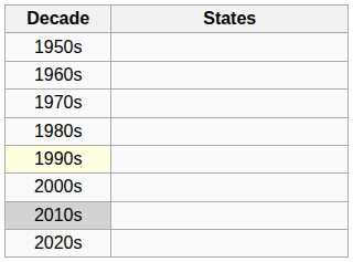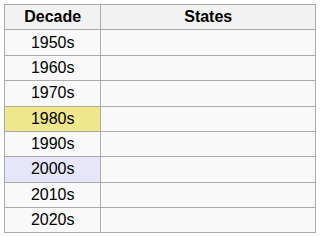 <table class="wikitable" style="width:50%" style="font-size: 95%;">
 <tr>
 <th style="width:8em;">Decade</th>
 <th style="width:25em;">States</th>
 </tr>
 <tr>
 <td style="text-align:center;">1950s</td>
 <td></td>
 </tr>
 <tr>
 <td style="text-align:center;">1960s</td>
 <td></td>
 </tr>
 <tr>
 <td style="text-align:center;">1970s</td>
 <td></td>
 </tr>
 <tr>
-<td style="text-align:center;">1980s</td>
+<td style="background: khaki; text-align:center;">1980s</td>
 <td></td>
 </tr>
 <tr>
-<td style="background: lightyellow; text-align:center;">1990s</td>
+<td style="text-align:center;">1990s</td>
 <td></td>
 </tr>
 <tr>
-<td style="text-align:center;">2000s</td>
+<td style="background: lavender; text-align:center;">2000s</td>
 <td></td>
 </tr>
 <tr>
-<td style="background: lightgrey; text-align:center;">2010s</td>
+<td style="text-align:center;">2010s</td>
 <td></td>
 </tr>
 <tr>
 <td style="text-align:center;">2020s</td>
 <td></td>
 </tr>
 </table>
